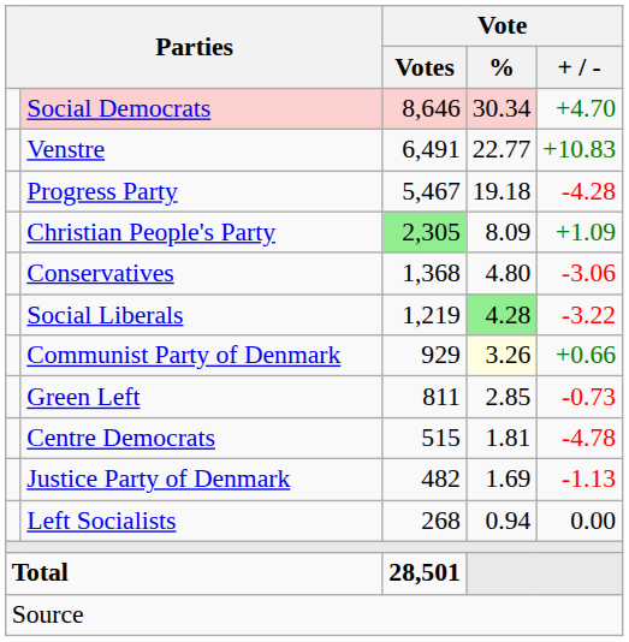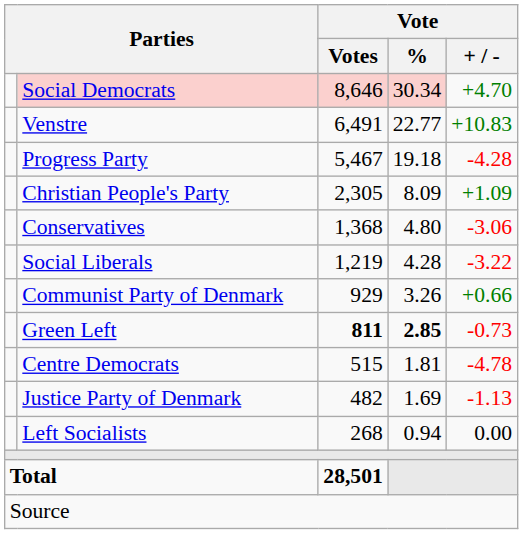 <table class="wikitable" style="text-align:right;">
 <tr>
 <th style="text-align:centre;" rowspan="2" colspan="2" width="225">Parties</th>
 <th colspan="3">Vote</th>
 </tr>
 <tr>
 <th width="15">Votes</th>
 <th width="15">%</th>
 <th width="15">+ / -</th>
 </tr>
 <tr>
 <td width="2" style="color:inherit;background:"></td>
 <td bgcolor=#fbd0ce  align="left"><a href='#'>Social Democrats</a></td>
 <td bgcolor=#fbd0ce>8,646</td>
 <td bgcolor=#fbd0ce>30.34</td>
 <td style=color:green;>+4.70</td>
 </tr>
 <tr>
 <td width="2" style="color:inherit;background:"></td>
 <td align="left"><a href='#'>Venstre</a></td>
 <td>6,491</td>
 <td>22.77</td>
 <td style=color:green;>+10.83</td>
 </tr>
 <tr>
 <td width="2" style="color:inherit;background:"></td>
 <td align="left"><a href='#'>Progress Party</a></td>
 <td>5,467</td>
 <td>19.18</td>
 <td style=color:red;>-4.28</td>
 </tr>
 <tr>
 <td width="2" style="color:inherit;background:"></td>
 <td align="left"><a href='#'>Christian People's Party</a></td>
-<td style="background: lightgreen;">2,305</td>
+<td>2,305</td>
 <td>8.09</td>
 <td style=color:green;>+1.09</td>
 </tr>
 <tr>
 <td width="2" style="color:inherit;background:"></td>
 <td align="left"><a href='#'>Conservatives</a></td>
 <td>1,368</td>
 <td>4.80</td>
 <td style=color:red;>-3.06</td>
 </tr>
 <tr>
 <td width="2" style="color:inherit;background:"></td>
 <td align="left"><a href='#'>Social Liberals</a></td>
 <td>1,219</td>
-<td style="background: lightgreen;">4.28</td>
+<td>4.28</td>
 <td style=color:red;>-3.22</td>
 </tr>
 <tr>
 <td width="2" style="color:inherit;background:"></td>
 <td align="left"><a href='#'>Communist Party of Denmark</a></td>
 <td>929</td>
-<td style="background: lightyellow;">3.26</td>
+<td>3.26</td>
 <td style=color:green;>+0.66</td>
 </tr>
 <tr>
 <td width="2" style="color:inherit;background:"></td>
 <td align="left"><a href='#'>Green Left</a></td>
-<td>811</td>
-<td>2.85</td>
+<td><strong>811</strong></td>
+<td><strong>2.85</strong></td>
 <td style=color:red;>-0.73</td>
 </tr>
 <tr>
 <td width="2" style="color:inherit;background:"></td>
 <td align="left"><a href='#'>Centre Democrats</a></td>
 <td>515</td>
 <td>1.81</td>
 <td style=color:red;>-4.78</td>
 </tr>
 <tr>
 <td width="2" style="color:inherit;background:"></td>
 <td align="left"><a href='#'>Justice Party of Denmark</a></td>
 <td>482</td>
 <td>1.69</td>
 <td style=color:red;>-1.13</td>
 </tr>
 <tr>
 <td width="2" style="color:inherit;background:"></td>
 <td align="left"><a href='#'>Left Socialists</a></td>
 <td>268</td>
 <td>0.94</td>
 <td>0.00</td>
 </tr>
 <tr>
 <td colspan="7" bgcolor="#E9E9E9"></td>
 </tr>
 <tr>
 <td align="left" colspan="2"><strong>Total</strong></td>
 <td><strong>28,501</strong></td>
 <td bgcolor="#E9E9E9" colspan="2"></td>
 </tr>
 <tr>
 <td align="left" colspan="6">Source</td>
 </tr>
 </table>
